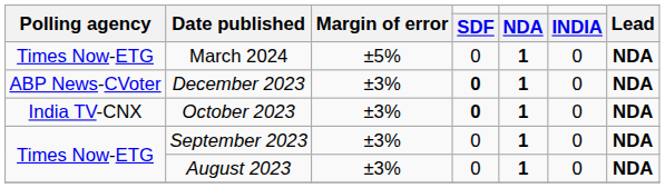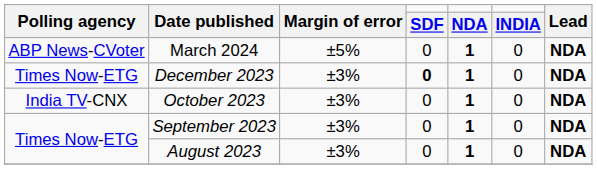 <table class="wikitable sortable" style="text-align:center;font-size:95%;line-height:16px">
 <tr>
 <th rowspan="2">Polling agency</th>
 <th rowspan="2">Date published</th>
 <th rowspan="2">Margin of error</th>
 <td bgcolor=></td>
 <td bgcolor=></td>
 <td bgcolor=></td>
 <th rowspan="2">Lead</th>
 </tr>
 <tr>
 <th><a href='#'>SDF</a></th>
 <th><a href='#'>NDA</a></th>
 <th><a href='#'>INDIA</a></th>
 </tr>
 <tr>
-<td><a href='#'>Times Now</a>-<a href='#'>ETG</a></td>
+<td><a href='#'>ABP News</a>-<a href='#'>CVoter</a></td>
 <td>March 2024<em></em></td>
 <td>±5%</td>
 <td>0</td>
 <td><strong>1</strong></td>
 <td>0</td>
 <td><strong>NDA</strong></td>
 </tr>
 <tr>
-<td><a href='#'>ABP News</a>-<a href='#'>CVoter</a></td>
+<td><a href='#'>Times Now</a>-<a href='#'>ETG</a></td>
 <td><em>December 2023</em></td>
 <td>±3%</td>
 <td><strong>0</strong></td>
 <td><strong>1</strong></td>
 <td>0</td>
 <td><strong>NDA</strong></td>
 </tr>
 <tr>
 <td><a href='#'>India TV</a>-CNX</td>
 <td><em>October 2023</em></td>
 <td>±3%</td>
-<td><strong>0</strong></td>
+<td>0</td>
 <td><strong>1</strong></td>
 <td>0</td>
 <td><strong>NDA</strong></td>
 </tr>
 <tr>
 <td rowspan="2"><a href='#'>Times Now</a>-<a href='#'>ETG</a></td>
 <td><em>September 2023</em></td>
 <td>±3%</td>
 <td>0</td>
 <td><strong>1</strong></td>
 <td>0</td>
 <td><strong>NDA</strong></td>
 </tr>
 <tr>
 <td><em>August 2023</em></td>
 <td>±3%</td>
 <td>0</td>
 <td><strong>1</strong></td>
 <td>0</td>
 <td><strong>NDA</strong></td>
 </tr>
 <tr>
 </tr>
 </table>
